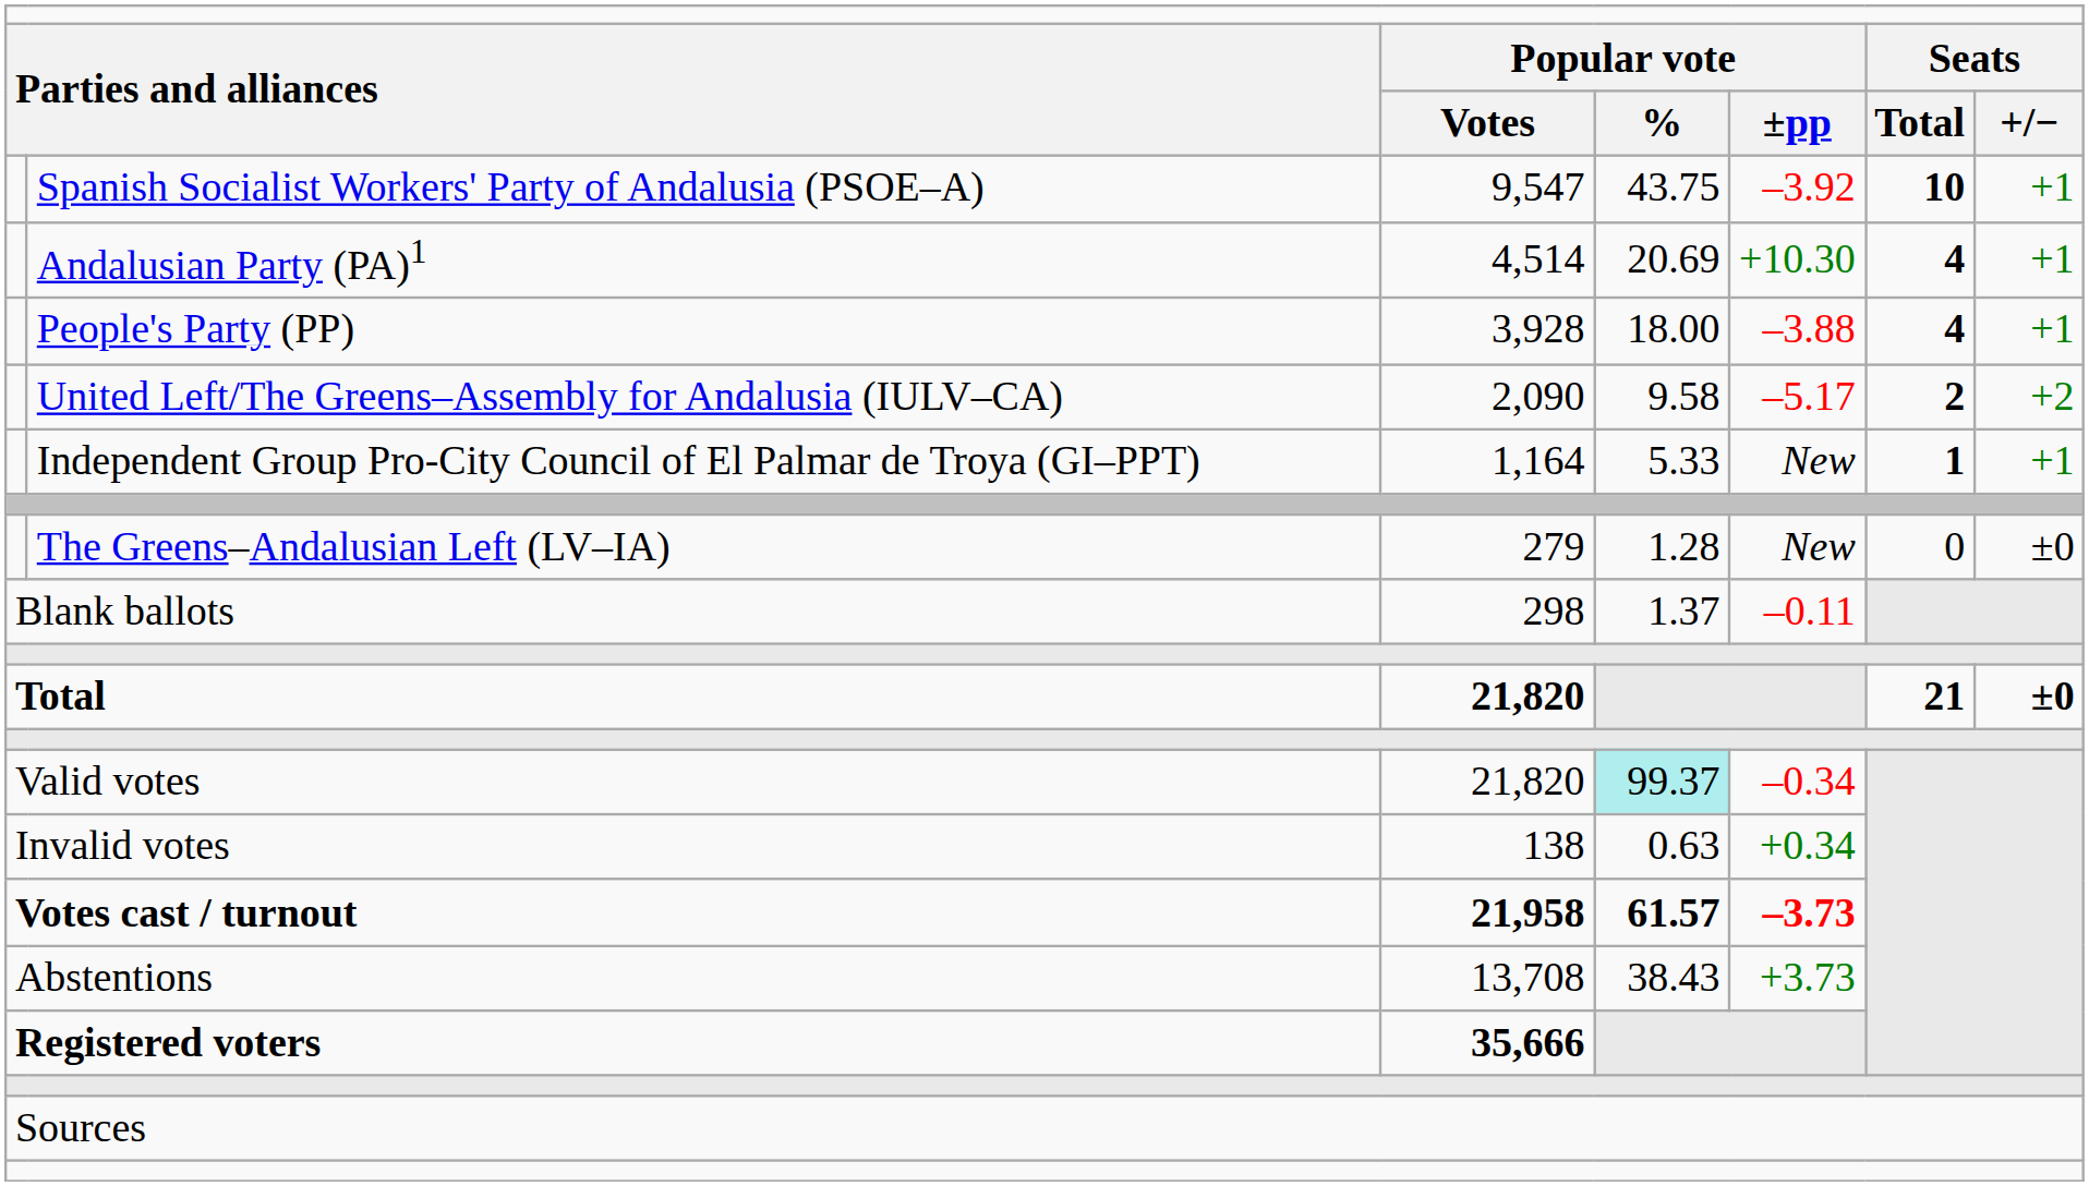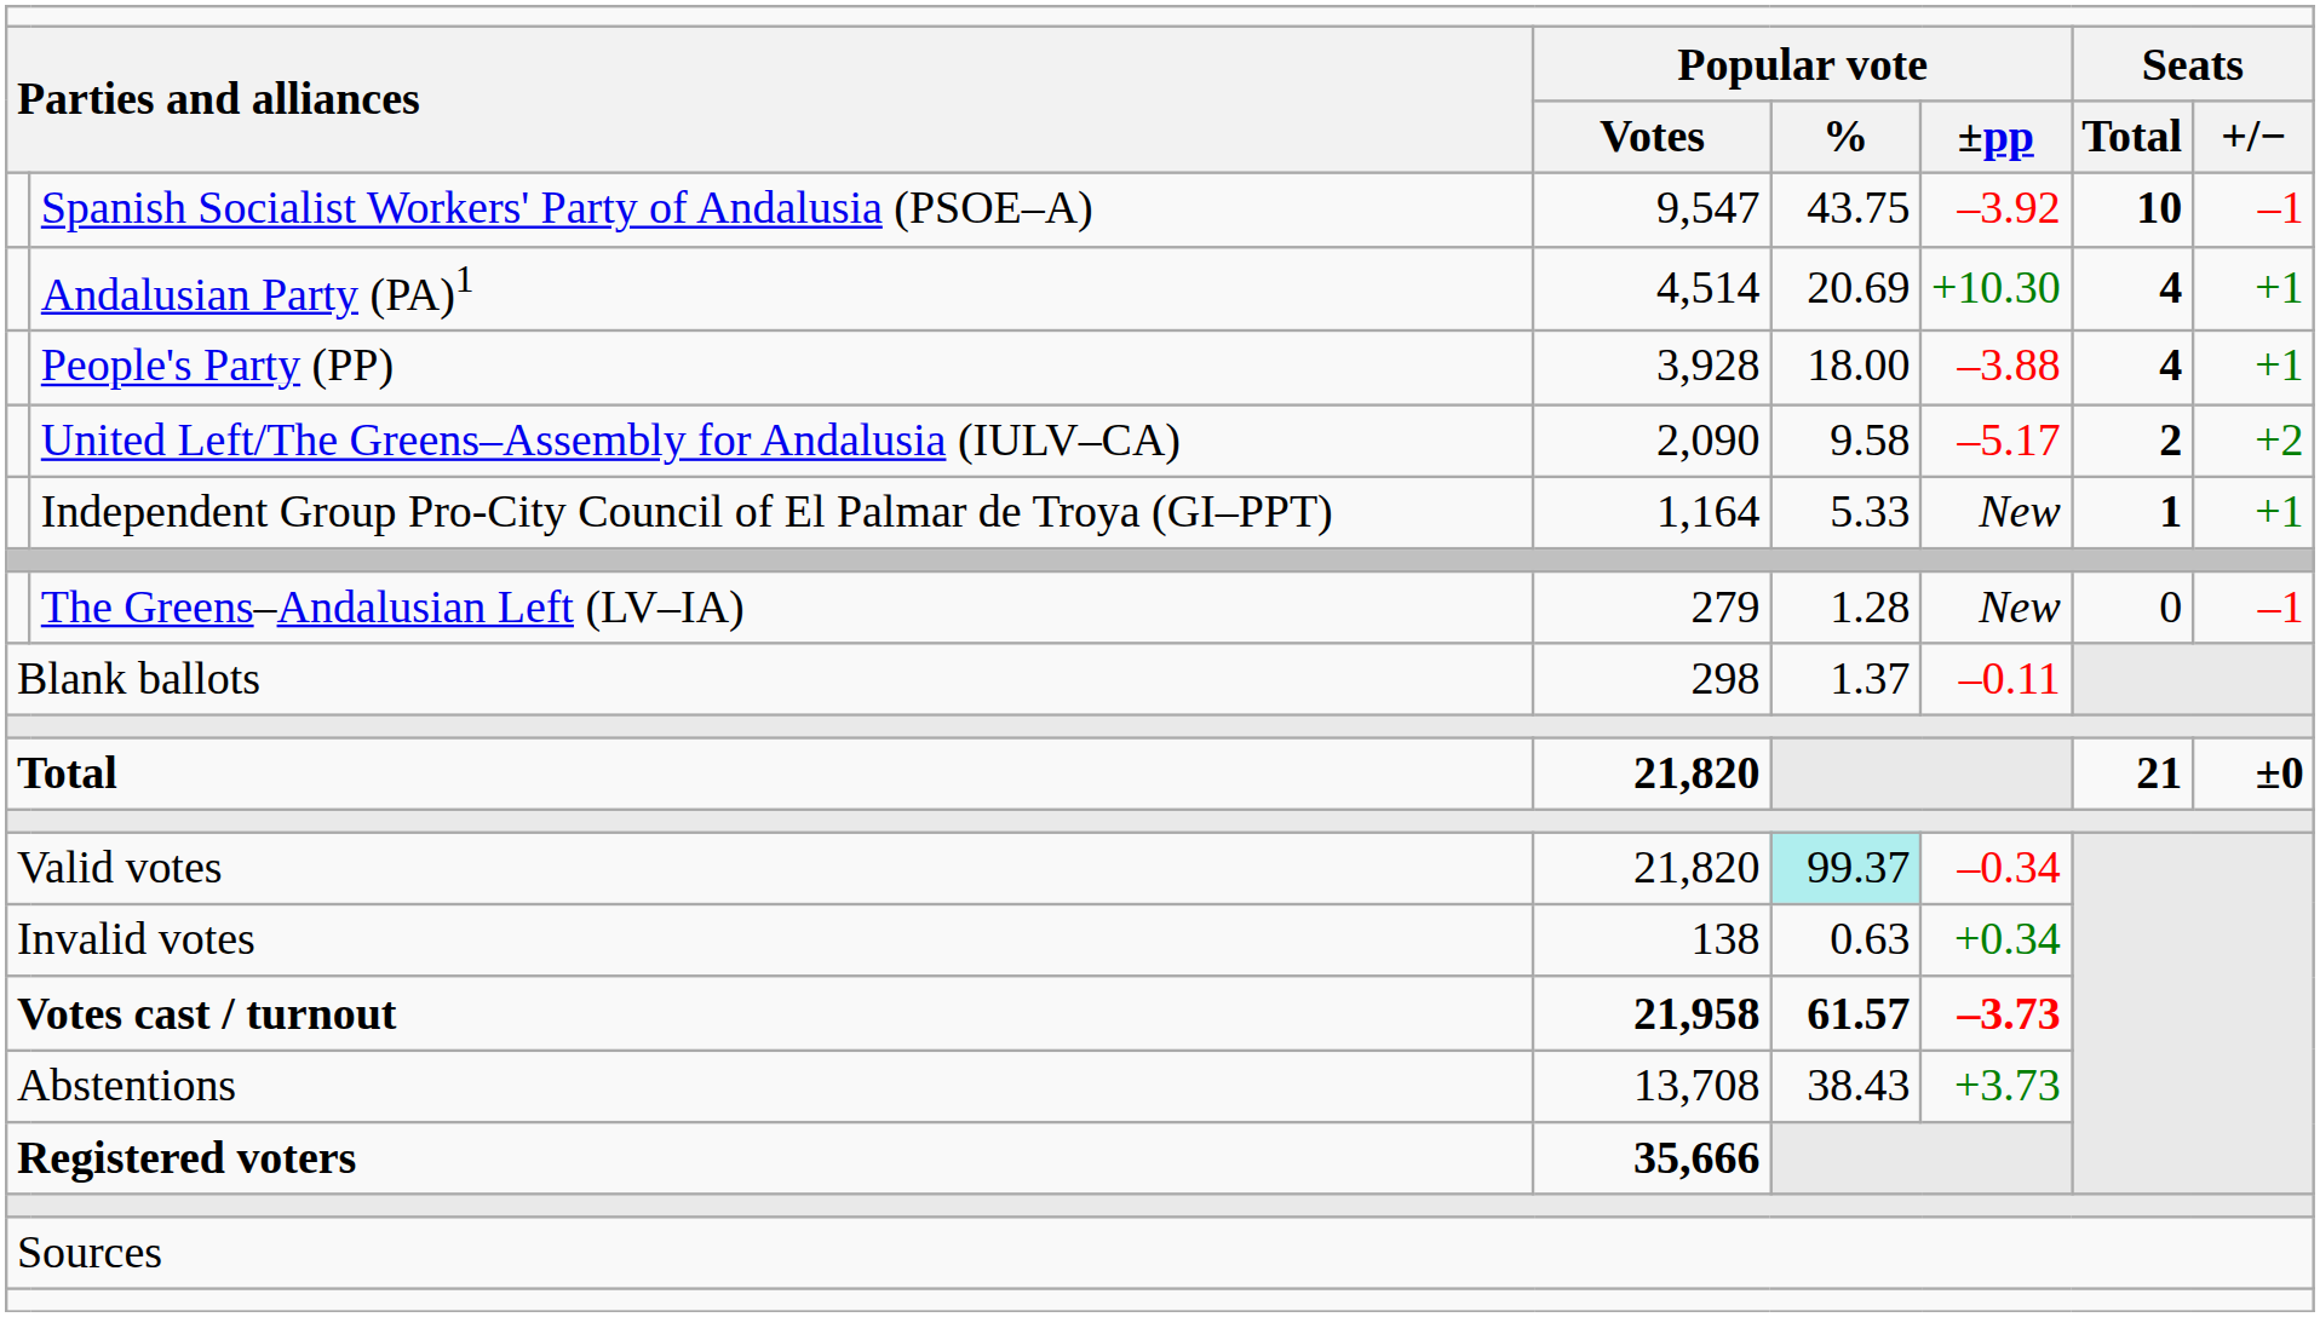 <table class="wikitable" style="text-align:right;">
 <tr>
 <td colspan="7"></td>
 </tr>
 <tr>
 <th style="text-align:left;" rowspan="2" colspan="2" width="525">Parties and alliances</th>
 <th colspan="3">Popular vote</th>
 <th colspan="2">Seats</th>
 </tr>
 <tr>
 <th width="75">Votes</th>
 <th width="45">%</th>
 <th width="45">±<a href='#'>pp</a></th>
 <th width="35">Total</th>
 <th width="35">+/−</th>
 </tr>
 <tr>
 <td width="1" style="color:inherit;background:"></td>
 <td align="left"><a href='#'>Spanish Socialist Workers' Party of Andalusia</a> (PSOE–A)</td>
 <td>9,547</td>
 <td>43.75</td>
 <td style="color:red;">–3.92</td>
 <td><strong>10</strong></td>
-<td style="color:green;">+1</td>
+<td style="color:red;">–1</td>
 </tr>
 <tr>
 <td style="color:inherit;background:"></td>
 <td align="left"><a href='#'>Andalusian Party</a> (PA)<sup>1</sup></td>
 <td>4,514</td>
 <td>20.69</td>
 <td style="color:green;">+10.30</td>
 <td><strong>4</strong></td>
 <td style="color:green;">+1</td>
 </tr>
 <tr>
 <td style="color:inherit;background:"></td>
 <td align="left"><a href='#'>People's Party</a> (PP)</td>
 <td>3,928</td>
 <td>18.00</td>
 <td style="color:red;">–3.88</td>
 <td><strong>4</strong></td>
 <td style="color:green;">+1</td>
 </tr>
 <tr>
 <td style="color:inherit;background:"></td>
 <td align="left"><a href='#'>United Left/The Greens–Assembly for Andalusia</a> (IULV–CA)</td>
 <td>2,090</td>
 <td>9.58</td>
 <td style="color:red;">–5.17</td>
 <td><strong>2</strong></td>
 <td style="color:green;">+2</td>
 </tr>
 <tr>
 <td style="color:inherit;background:"></td>
 <td align="left">Independent Group Pro-City Council of El Palmar de Troya (GI–PPT)</td>
 <td>1,164</td>
 <td>5.33</td>
 <td><em>New</em></td>
 <td><strong>1</strong></td>
 <td style="color:green;">+1</td>
 </tr>
 <tr>
 <td colspan="7" bgcolor="#C0C0C0"></td>
 </tr>
 <tr>
 <td style="color:inherit;background:"></td>
 <td align="left"><a href='#'>The Greens</a>–<a href='#'>Andalusian Left</a> (LV–IA)</td>
 <td>279</td>
 <td>1.28</td>
 <td><em>New</em></td>
 <td>0</td>
-<td>±0</td>
+<td style="color:red;">–1</td>
 </tr>
 <tr>
 <td align="left" colspan="2">Blank ballots</td>
 <td>298</td>
 <td>1.37</td>
 <td style="color:red;">–0.11</td>
 <td bgcolor="#E9E9E9" colspan="2"></td>
 </tr>
 <tr>
 <td colspan="7" bgcolor="#E9E9E9"></td>
 </tr>
 <tr style="font-weight:bold;">
 <td align="left" colspan="2">Total</td>
 <td>21,820</td>
 <td bgcolor="#E9E9E9" colspan="2"></td>
 <td>21</td>
 <td>±0</td>
 </tr>
 <tr>
 <td colspan="7" bgcolor="#E9E9E9"></td>
 </tr>
 <tr>
 <td align="left" colspan="2">Valid votes</td>
 <td>21,820</td>
 <td style="background: paleturquoise;">99.37</td>
 <td style="color:red;">–0.34</td>
 <td bgcolor="#E9E9E9" colspan="2" rowspan="5"></td>
 </tr>
 <tr>
 <td align="left" colspan="2">Invalid votes</td>
 <td>138</td>
 <td>0.63</td>
 <td style="color:green;">+0.34</td>
 </tr>
 <tr style="font-weight:bold;">
 <td align="left" colspan="2">Votes cast / turnout</td>
 <td>21,958</td>
 <td>61.57</td>
 <td style="color:red;">–3.73</td>
 </tr>
 <tr>
 <td align="left" colspan="2">Abstentions</td>
 <td>13,708</td>
 <td>38.43</td>
 <td style="color:green;">+3.73</td>
 </tr>
 <tr style="font-weight:bold;">
 <td align="left" colspan="2">Registered voters</td>
 <td>35,666</td>
 <td bgcolor="#E9E9E9" colspan="2"></td>
 </tr>
 <tr>
 <td colspan="7" bgcolor="#E9E9E9"></td>
 </tr>
 <tr>
 <td align="left" colspan="7">Sources</td>
 </tr>
 <tr>
 <td colspan="7" style="text-align:left; max-width:790px;"></td>
 </tr>
 </table>
